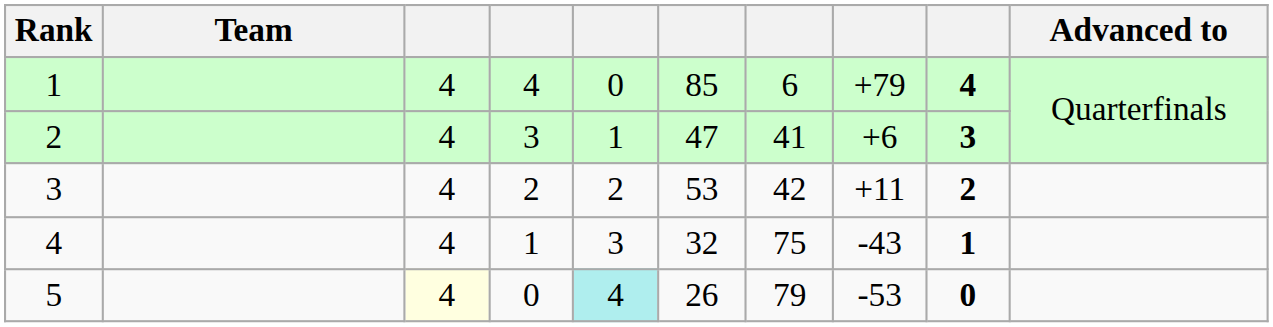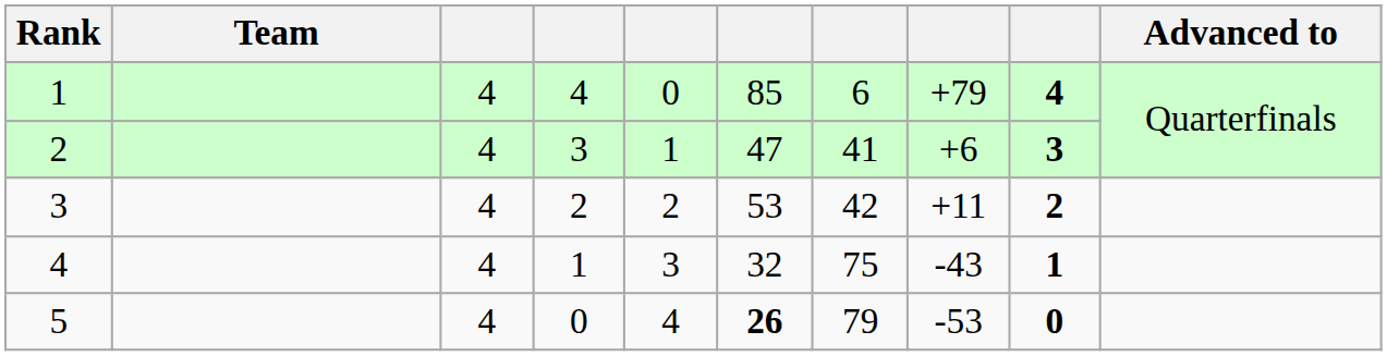 <table class="wikitable" style="text-align:center;">
 <tr>
 <th width=40>Rank</th>
 <th width=165>Team</th>
 <th width=40></th>
 <th width=40></th>
 <th width=40></th>
 <th width=40></th>
 <th width=40></th>
 <th width=40></th>
 <th width=40></th>
 <th width=125>Advanced to</th>
 </tr>
 <tr style="background:#cfc">
 <td>1</td>
 <td style="text-align:left;"></td>
 <td>4</td>
 <td>4</td>
 <td>0</td>
 <td>85</td>
 <td>6</td>
 <td>+79</td>
 <td><strong>4</strong></td>
 <td rowspan="2">Quarterfinals</td>
 </tr>
 <tr style="background:#cfc">
 <td>2</td>
 <td style="text-align:left;"></td>
 <td>4</td>
 <td>3</td>
 <td>1</td>
 <td>47</td>
 <td>41</td>
 <td>+6</td>
 <td><strong>3</strong></td>
 </tr>
 <tr>
 <td>3</td>
 <td style="text-align:left;"></td>
 <td>4</td>
 <td>2</td>
 <td>2</td>
 <td>53</td>
 <td>42</td>
 <td>+11</td>
 <td><strong>2</strong></td>
 <td></td>
 </tr>
 <tr>
 <td>4</td>
 <td style="text-align:left;"></td>
 <td>4</td>
 <td>1</td>
 <td>3</td>
 <td>32</td>
 <td>75</td>
 <td>-43</td>
 <td><strong>1</strong></td>
 <td></td>
 </tr>
 <tr>
 <td>5</td>
 <td style="text-align:left;"></td>
-<td style="background: lightyellow;">4</td>
+<td>4</td>
 <td>0</td>
-<td style="background: paleturquoise;">4</td>
-<td>26</td>
+<td>4</td>
+<td><strong>26</strong></td>
 <td>79</td>
 <td>-53</td>
 <td><strong>0</strong></td>
 <td></td>
 </tr>
 </table>
